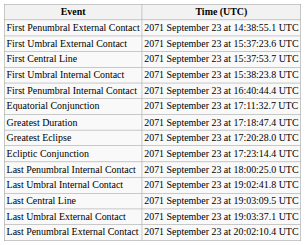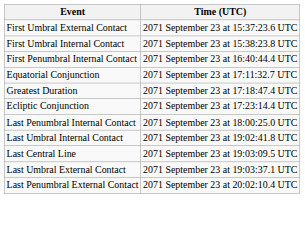 <table class="wikitable">
 <tr>
 <th>Event</th>
 <th>Time (UTC)</th>
 </tr>
 <tr>
-<td>First Penumbral External Contact</td>
-<td>2071 September 23 at 14:38:55.1 UTC</td>
-</tr>
-<tr>
 <td>First Umbral External Contact</td>
 <td>2071 September 23 at 15:37:23.6 UTC</td>
-</tr>
-<tr>
-<td>First Central Line</td>
-<td>2071 September 23 at 15:37:53.7 UTC</td>
 </tr>
 <tr>
 <td>First Umbral Internal Contact</td>
 <td>2071 September 23 at 15:38:23.8 UTC</td>
 </tr>
 <tr>
 <td>First Penumbral Internal Contact</td>
 <td>2071 September 23 at 16:40:44.4 UTC</td>
 </tr>
 <tr>
 <td>Equatorial Conjunction</td>
 <td>2071 September 23 at 17:11:32.7 UTC</td>
 </tr>
 <tr>
 <td>Greatest Duration</td>
 <td>2071 September 23 at 17:18:47.4 UTC</td>
-</tr>
-<tr>
-<td>Greatest Eclipse</td>
-<td>2071 September 23 at 17:20:28.0 UTC</td>
 </tr>
 <tr>
 <td>Ecliptic Conjunction</td>
 <td>2071 September 23 at 17:23:14.4 UTC</td>
 </tr>
 <tr>
 <td>Last Penumbral Internal Contact</td>
 <td>2071 September 23 at 18:00:25.0 UTC</td>
 </tr>
 <tr>
 <td>Last Umbral Internal Contact</td>
 <td>2071 September 23 at 19:02:41.8 UTC</td>
 </tr>
 <tr>
 <td>Last Central Line</td>
 <td>2071 September 23 at 19:03:09.5 UTC</td>
 </tr>
 <tr>
 <td>Last Umbral External Contact</td>
 <td>2071 September 23 at 19:03:37.1 UTC</td>
 </tr>
 <tr>
 <td>Last Penumbral External Contact</td>
 <td>2071 September 23 at 20:02:10.4 UTC</td>
 </tr>
 </table>
